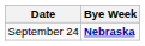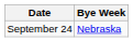 <table class="wikitable" style="font-size:95%;">
 <tr>
 <th>Date</th>
 <th>Bye Week</th>
 </tr>
 <tr>
 <td>September 24</td>
-<td><strong><a href='#'>Nebraska</a></strong></td>
+<td><a href='#'>Nebraska</a></td>
 </tr>
 </table>
